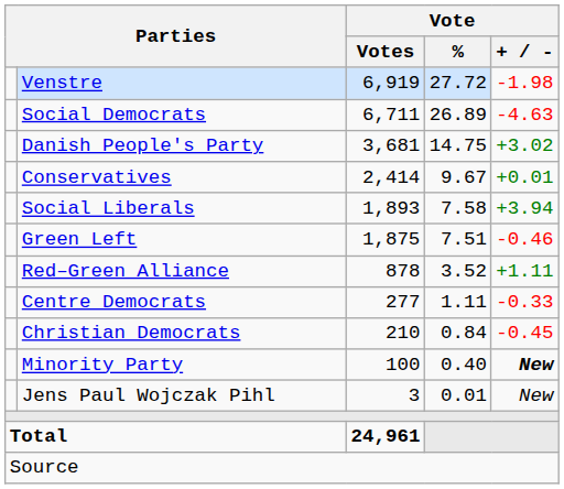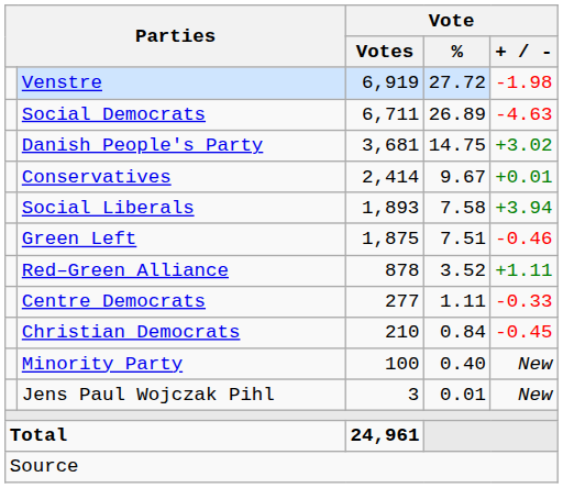 <table class="wikitable" style="text-align:right;">
 <tr>
 <th style="text-align:centre;" rowspan="2" colspan="2" width="225">Parties</th>
 <th colspan="3">Vote</th>
 </tr>
 <tr>
 <th width="15">Votes</th>
 <th width="15">%</th>
 <th width="15">+ / -</th>
 </tr>
 <tr>
 <td width="2" style="color:inherit;background:"></td>
 <td bgcolor=#cfe5fe  align="left"><a href='#'>Venstre</a></td>
 <td bgcolor=#cfe5fe>6,919</td>
 <td bgcolor=#cfe5fe>27.72</td>
 <td style=color:red;>-1.98</td>
 </tr>
 <tr>
 <td width="2" style="color:inherit;background:"></td>
 <td align="left"><a href='#'>Social Democrats</a></td>
 <td>6,711</td>
 <td>26.89</td>
 <td style=color:red;>-4.63</td>
 </tr>
 <tr>
 <td width="2" style="color:inherit;background:"></td>
 <td align="left"><a href='#'>Danish People's Party</a></td>
 <td>3,681</td>
 <td>14.75</td>
 <td style=color:green;>+3.02</td>
 </tr>
 <tr>
 <td width="2" style="color:inherit;background:"></td>
 <td align="left"><a href='#'>Conservatives</a></td>
 <td>2,414</td>
 <td>9.67</td>
 <td style=color:green;>+0.01</td>
 </tr>
 <tr>
 <td width="2" style="color:inherit;background:"></td>
 <td align="left"><a href='#'>Social Liberals</a></td>
 <td>1,893</td>
 <td>7.58</td>
 <td style=color:green;>+3.94</td>
 </tr>
 <tr>
 <td width="2" style="color:inherit;background:"></td>
 <td align="left"><a href='#'>Green Left</a></td>
 <td>1,875</td>
 <td>7.51</td>
 <td style=color:red;>-0.46</td>
 </tr>
 <tr>
 <td width="2" style="color:inherit;background:"></td>
 <td align="left"><a href='#'>Red–Green Alliance</a></td>
 <td>878</td>
 <td>3.52</td>
 <td style=color:green;>+1.11</td>
 </tr>
 <tr>
 <td width="2" style="color:inherit;background:"></td>
 <td align="left"><a href='#'>Centre Democrats</a></td>
 <td>277</td>
 <td>1.11</td>
 <td style=color:red;>-0.33</td>
 </tr>
 <tr>
 <td width="2" style="color:inherit;background:"></td>
 <td align="left"><a href='#'>Christian Democrats</a></td>
 <td>210</td>
 <td>0.84</td>
 <td style=color:red;>-0.45</td>
 </tr>
 <tr>
 <td width="2" style="color:inherit;background:"></td>
 <td align="left"><a href='#'>Minority Party</a></td>
 <td>100</td>
 <td>0.40</td>
-<td><strong><em>New</em></strong></td>
+<td><em>New</em></td>
 </tr>
 <tr>
 <td width="2" style="color:inherit;background:"></td>
 <td align="left">Jens Paul Wojczak Pihl</td>
 <td>3</td>
 <td>0.01</td>
 <td><em>New</em></td>
 </tr>
 <tr>
 <td colspan="7" bgcolor="#E9E9E9"></td>
 </tr>
 <tr>
 <td align="left" colspan="2"><strong>Total</strong></td>
 <td><strong>24,961</strong></td>
 <td bgcolor="#E9E9E9" colspan="2"></td>
 </tr>
 <tr>
 <td align="left" colspan="6">Source</td>
 </tr>
 </table>
